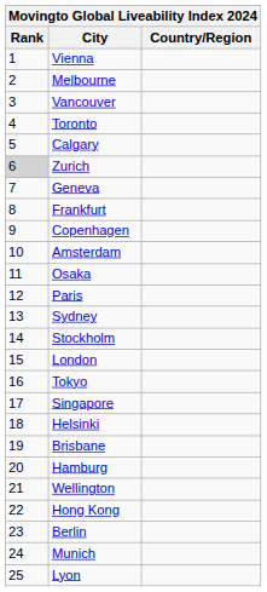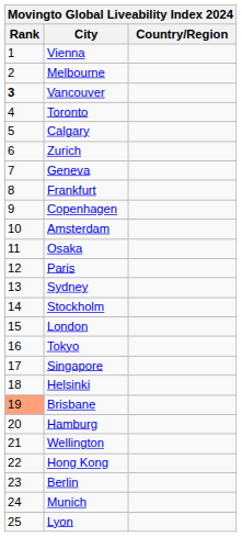 <table class="wikitable sortable">
 <tr>
 <th colspan="3">Movingto Global Liveability Index 2024 </th>
 </tr>
 <tr>
 <th>Rank</th>
 <th>City</th>
 <th>Country/Region</th>
 </tr>
 <tr>
 <td>1</td>
 <td><a href='#'>Vienna</a></td>
 <td></td>
 </tr>
 <tr>
 <td>2</td>
 <td><a href='#'>Melbourne</a></td>
 <td></td>
 </tr>
 <tr>
-<td>3</td>
+<td><strong>3</strong></td>
 <td><a href='#'>Vancouver</a></td>
 <td></td>
 </tr>
 <tr>
 <td>4</td>
 <td><a href='#'>Toronto</a></td>
 <td></td>
 </tr>
 <tr>
 <td>5</td>
 <td><a href='#'>Calgary</a></td>
 <td></td>
 </tr>
 <tr>
-<td style="background: lightgrey;">6</td>
+<td>6</td>
 <td><a href='#'>Zurich</a></td>
 <td></td>
 </tr>
 <tr>
 <td>7</td>
 <td><a href='#'>Geneva</a></td>
 <td></td>
 </tr>
 <tr>
 <td>8</td>
 <td><a href='#'>Frankfurt</a></td>
 <td></td>
 </tr>
 <tr>
 <td>9</td>
 <td><a href='#'>Copenhagen</a></td>
 <td></td>
 </tr>
 <tr>
 <td>10</td>
 <td><a href='#'>Amsterdam</a></td>
 <td></td>
 </tr>
 <tr>
 <td>11</td>
 <td><a href='#'>Osaka</a></td>
 <td></td>
 </tr>
 <tr>
 <td>12</td>
 <td><a href='#'>Paris</a></td>
 <td></td>
 </tr>
 <tr>
 <td>13</td>
 <td><a href='#'>Sydney</a></td>
 <td></td>
 </tr>
 <tr>
 <td>14</td>
 <td><a href='#'>Stockholm</a></td>
 <td></td>
 </tr>
 <tr>
 <td>15</td>
 <td><a href='#'>London</a></td>
 <td></td>
 </tr>
 <tr>
 <td>16</td>
 <td><a href='#'>Tokyo</a></td>
 <td></td>
 </tr>
 <tr>
 <td>17</td>
 <td><a href='#'>Singapore</a></td>
 <td></td>
 </tr>
 <tr>
 <td>18</td>
 <td><a href='#'>Helsinki</a></td>
 <td></td>
 </tr>
 <tr>
-<td>19</td>
+<td style="background: lightsalmon;">19</td>
 <td><a href='#'>Brisbane</a></td>
 <td></td>
 </tr>
 <tr>
 <td>20</td>
 <td><a href='#'>Hamburg</a></td>
 <td></td>
 </tr>
 <tr>
 <td>21</td>
 <td><a href='#'>Wellington</a></td>
 <td></td>
 </tr>
 <tr>
 <td>22</td>
 <td><a href='#'>Hong Kong</a></td>
 <td></td>
 </tr>
 <tr>
 <td>23</td>
 <td><a href='#'>Berlin</a></td>
 <td></td>
 </tr>
 <tr>
 <td>24</td>
 <td><a href='#'>Munich</a></td>
 <td></td>
 </tr>
 <tr>
 <td>25</td>
 <td><a href='#'>Lyon</a></td>
 <td></td>
 </tr>
 </table>
